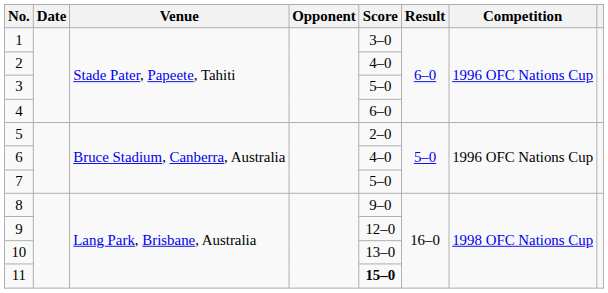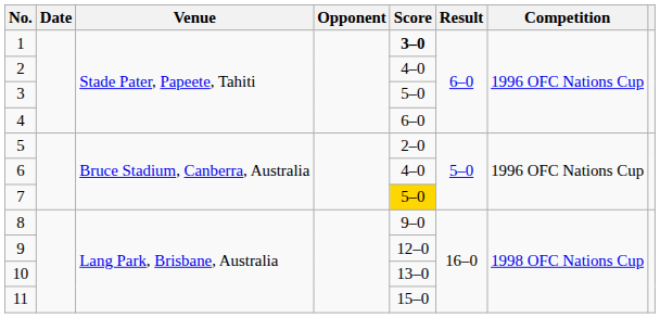 <table class="wikitable sortable">
 <tr>
 <th scope="col">No.</th>
 <th scope="col">Date</th>
 <th scope="col">Venue</th>
 <th scope="col">Opponent</th>
 <th scope="col">Score</th>
 <th scope="col">Result</th>
 <th scope="col">Competition</th>
 <th scope="col" class="unsortable"></th>
 </tr>
 <tr>
 <td style="text-align:center">1</td>
 <td rowspan="4"></td>
 <td rowspan="4"><a href='#'>Stade Pater</a>, <a href='#'>Papeete</a>, Tahiti</td>
 <td rowspan="4"></td>
-<td style="text-align:center">3–0</td>
+<td style="text-align:center"><strong>3–0</strong></td>
 <td rowspan="4" style="text-align:center"><a href='#'>6–0</a></td>
 <td rowspan="4"><a href='#'>1996 OFC Nations Cup</a></td>
 <td rowspan="4"></td>
 </tr>
 <tr>
 <td style="text-align:center">2</td>
 <td style="text-align:center">4–0</td>
 </tr>
 <tr>
 <td style="text-align:center">3</td>
 <td style="text-align:center">5–0</td>
 </tr>
 <tr>
 <td style="text-align:center">4</td>
 <td style="text-align:center">6–0</td>
 </tr>
 <tr>
 <td style="text-align:center">5</td>
 <td rowspan="3"></td>
 <td rowspan="3"><a href='#'>Bruce Stadium</a>, <a href='#'>Canberra</a>, Australia</td>
 <td rowspan="3"></td>
 <td style="text-align:center">2–0</td>
 <td rowspan="3" style="text-align:center"><a href='#'>5–0</a></td>
 <td rowspan="3">1996 OFC Nations Cup</td>
 <td rowspan="3"></td>
 </tr>
 <tr>
 <td style="text-align:center">6</td>
 <td style="text-align:center">4–0</td>
 </tr>
 <tr>
 <td style="text-align:center">7</td>
-<td style="text-align:center">5–0</td>
+<td style="background: gold; text-align:center">5–0</td>
 </tr>
 <tr>
 <td style="text-align:center">8</td>
 <td rowspan="4"></td>
 <td rowspan="4"><a href='#'>Lang Park</a>, <a href='#'>Brisbane</a>, Australia</td>
 <td rowspan="4"></td>
 <td style="text-align:center">9–0</td>
 <td rowspan="4" style="text-align:center">16–0</td>
 <td rowspan="4"><a href='#'>1998 OFC Nations Cup</a></td>
 <td rowspan="4"></td>
 </tr>
 <tr>
 <td style="text-align:center">9</td>
 <td style="text-align:center">12–0</td>
 </tr>
 <tr>
 <td style="text-align:center">10</td>
 <td style="text-align:center">13–0</td>
 </tr>
 <tr>
 <td style="text-align:center">11</td>
-<td style="text-align:center"><strong>15–0</strong></td>
+<td style="text-align:center">15–0</td>
 </tr>
 </table>
